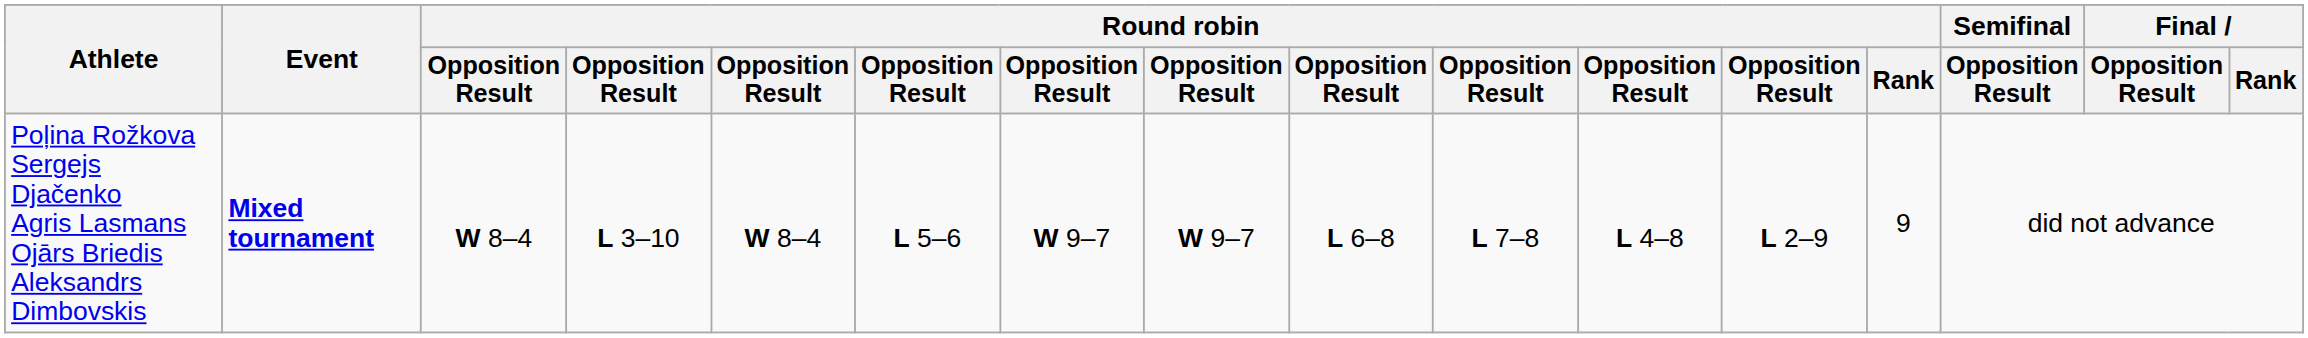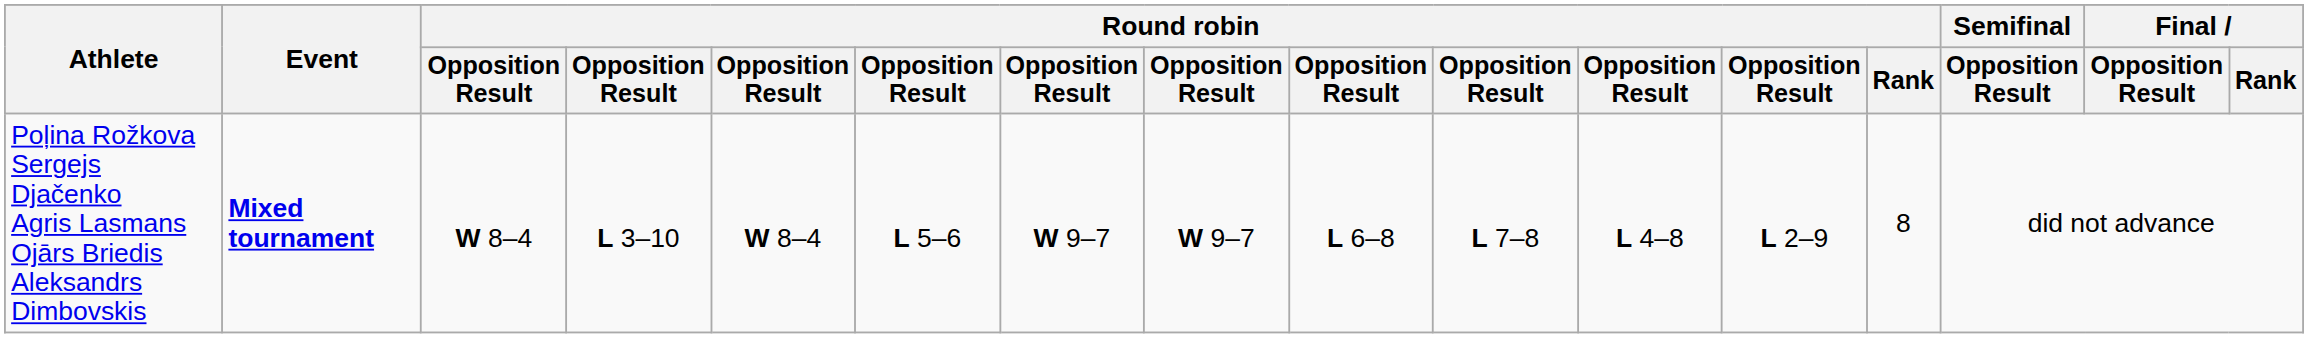 <table class=wikitable style=text-align:center;font-size:90%>
 <tr>
 <th rowspan=2>Athlete</th>
 <th rowspan=2>Event</th>
 <th colspan=11>Round robin</th>
 <th>Semifinal</th>
 <th colspan=2>Final / </th>
 </tr>
 <tr style=font-size:95%>
 <th>Opposition<br>Result</th>
 <th>Opposition<br>Result</th>
 <th>Opposition<br>Result</th>
 <th>Opposition<br>Result</th>
 <th>Opposition<br>Result</th>
 <th>Opposition<br>Result</th>
 <th>Opposition<br>Result</th>
 <th>Opposition<br>Result</th>
 <th>Opposition<br>Result</th>
 <th>Opposition<br>Result</th>
 <th>Rank</th>
 <th>Opposition<br>Result</th>
 <th>Opposition<br>Result</th>
 <th>Rank</th>
 </tr>
 <tr>
 <td align=left><a href='#'>Poļina Rožkova</a><br><a href='#'>Sergejs Djačenko</a><br><a href='#'>Agris Lasmans</a><br><a href='#'>Ojārs Briedis</a><br><a href='#'>Aleksandrs Dimbovskis</a></td>
 <td align=left><strong><a href='#'>Mixed tournament</a></strong></td>
 <td><br><strong>W</strong> 8–4</td>
 <td><br><strong>L</strong> 3–10</td>
 <td><br><strong>W</strong> 8–4</td>
 <td><br><strong>L</strong> 5–6</td>
 <td><br><strong>W</strong> 9–7</td>
 <td><br><strong>W</strong> 9–7</td>
 <td><br><strong>L</strong> 6–8</td>
 <td><br><strong>L</strong> 7–8</td>
 <td><br><strong>L</strong> 4–8</td>
 <td><br><strong>L</strong> 2–9</td>
-<td>9</td>
+<td>8</td>
 <td colspan=3>did not advance</td>
 </tr>
 </table>
